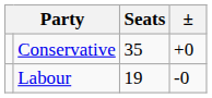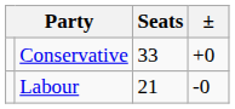 <table class="wikitable">
 <tr>
 <th colspan="2">Party</th>
 <th>Seats</th>
 <th>  ±  </th>
 </tr>
 <tr>
 <td style="background-color: "></td>
 <td><a href='#'>Conservative</a></td>
-<td>35</td>
+<td>33</td>
 <td>+0</td>
 </tr>
 <tr>
 <td style="background-color: "></td>
 <td><a href='#'>Labour</a></td>
-<td>19</td>
+<td>21</td>
 <td>-0</td>
 </tr>
 </table>
